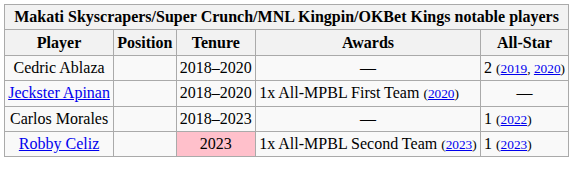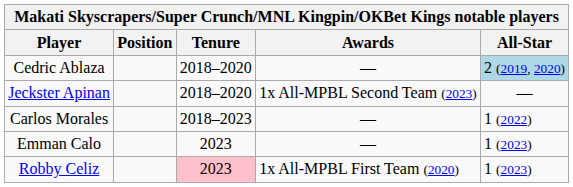 <table class="wikitable sortable" style="text-align:center">
 <tr>
 <th colspan="5">Makati Skyscrapers/Super Crunch/MNL Kingpin/OKBet Kings notable players</th>
 </tr>
 <tr>
 <th>Player</th>
 <th>Position</th>
 <th>Tenure</th>
 <th>Awards</th>
 <th>All-Star</th>
 </tr>
 <tr>
 <td>Cedric Ablaza</td>
 <td></td>
 <td>2018–2020</td>
 <td>—</td>
-<td align=left>2 <small>(<a href='#'>2019</a>, <a href='#'>2020</a>)</small></td>
+<td align=left style="background: lightblue;">2 <small>(<a href='#'>2019</a>, <a href='#'>2020</a>)</small></td>
 </tr>
 <tr>
 <td><a href='#'>Jeckster Apinan</a></td>
 <td></td>
 <td>2018–2020</td>
-<td align=left>1x All-MPBL First Team <small>(<a href='#'>2020</a>)</small></td>
+<td align=left>1x All-MPBL Second Team <small>(<a href='#'>2023</a>)</small></td>
 <td>—</td>
 </tr>
 <tr>
 <td>Carlos Morales</td>
 <td></td>
 <td>2018–2023</td>
 <td>—</td>
 <td align=left>1 <small>(<a href='#'>2022</a>)</small></td>
 </tr>
 <tr>
+<td>Emman Calo</td>
+<td></td>
+<td>2023</td>
+<td>—</td>
+<td align=left>1 <small>(<a href='#'>2023</a>)</small></td>
+</tr>
+<tr>
 <td><a href='#'>Robby Celiz</a></td>
 <td></td>
 <td style="background: pink;">2023</td>
-<td align=left>1x All-MPBL Second Team <small>(<a href='#'>2023</a>)</small></td>
+<td align=left>1x All-MPBL First Team <small>(<a href='#'>2020</a>)</small></td>
 <td align=left>1 <small>(<a href='#'>2023</a>)</small></td>
 </tr>
 </table>
